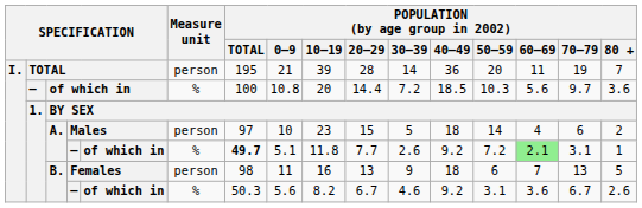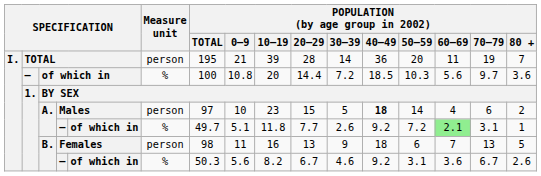 <table class="wikitable" style="font-size:85%; text-align:center">
 <tr>
 <th rowspan="2" colspan="5">SPECIFICATION</th>
 <th rowspan="2">Measure<br> unit</th>
 <th colspan="10" rowspan="1">POPULATION<br> (by age group in 2002)</th>
 </tr>
 <tr>
 <th>TOTAL</th>
 <th>0–9</th>
 <th>10–19</th>
 <th>20–29</th>
 <th>30–39</th>
 <th>40–49</th>
 <th>50–59</th>
 <th>60–69</th>
 <th>70–79</th>
 <th>80 +</th>
 </tr>
 <tr>
 <th style="text-align:left" valign="top" rowspan="7">I.</th>
 <th style="text-align:left" colspan="4">TOTAL</th>
 <td>person</td>
 <td>195</td>
 <td>21</td>
 <td>39</td>
 <td>28</td>
 <td>14</td>
 <td>36</td>
 <td>20</td>
 <td>11</td>
 <td>19</td>
 <td>7</td>
 </tr>
 <tr>
 <th style="text-align:left" valign="top">—</th>
 <th style="text-align:left" colspan="3">of which in</th>
 <td>%</td>
 <td>100</td>
 <td>10.8</td>
 <td>20</td>
 <td>14.4</td>
 <td>7.2</td>
 <td>18.5</td>
 <td>10.3</td>
 <td>5.6</td>
 <td>9.7</td>
 <td>3.6</td>
 </tr>
 <tr>
 <th style="text-align:left" valign="top" rowspan="5">1.</th>
 <th style="text-align:left" colspan="14">BY SEX</th>
 </tr>
 <tr>
 <th style="text-align:left" valign="top" rowspan="2">A.</th>
 <th style="text-align:left" colspan="2">Males</th>
 <td>person</td>
 <td>97</td>
 <td>10</td>
 <td>23</td>
 <td>15</td>
 <td>5</td>
-<td>18</td>
+<td><strong>18</strong></td>
 <td>14</td>
 <td>4</td>
 <td>6</td>
 <td>2</td>
 </tr>
 <tr>
 <th style="text-align:left" valign="top">—</th>
 <th style="text-align:left" colspan="1">of which in</th>
 <td>%</td>
-<td><strong>49.7</strong></td>
+<td>49.7</td>
 <td>5.1</td>
 <td>11.8</td>
 <td>7.7</td>
 <td>2.6</td>
 <td>9.2</td>
 <td>7.2</td>
 <td style="background: lightgreen;">2.1</td>
 <td>3.1</td>
 <td>1</td>
 </tr>
 <tr>
 <th style="text-align:left" valign="top" rowspan="2">B.</th>
 <th style="text-align:left" colspan="2">Females</th>
 <td>person</td>
 <td>98</td>
 <td>11</td>
 <td>16</td>
 <td>13</td>
 <td>9</td>
 <td>18</td>
 <td>6</td>
 <td>7</td>
 <td>13</td>
 <td>5</td>
 </tr>
 <tr>
 <th style="text-align:left" valign="top">—</th>
 <th style="text-align:left" colspan="1">of which in</th>
 <td>%</td>
 <td>50.3</td>
 <td>5.6</td>
 <td>8.2</td>
 <td>6.7</td>
 <td>4.6</td>
 <td>9.2</td>
 <td>3.1</td>
 <td>3.6</td>
 <td>6.7</td>
 <td>2.6</td>
 </tr>
 </table>
